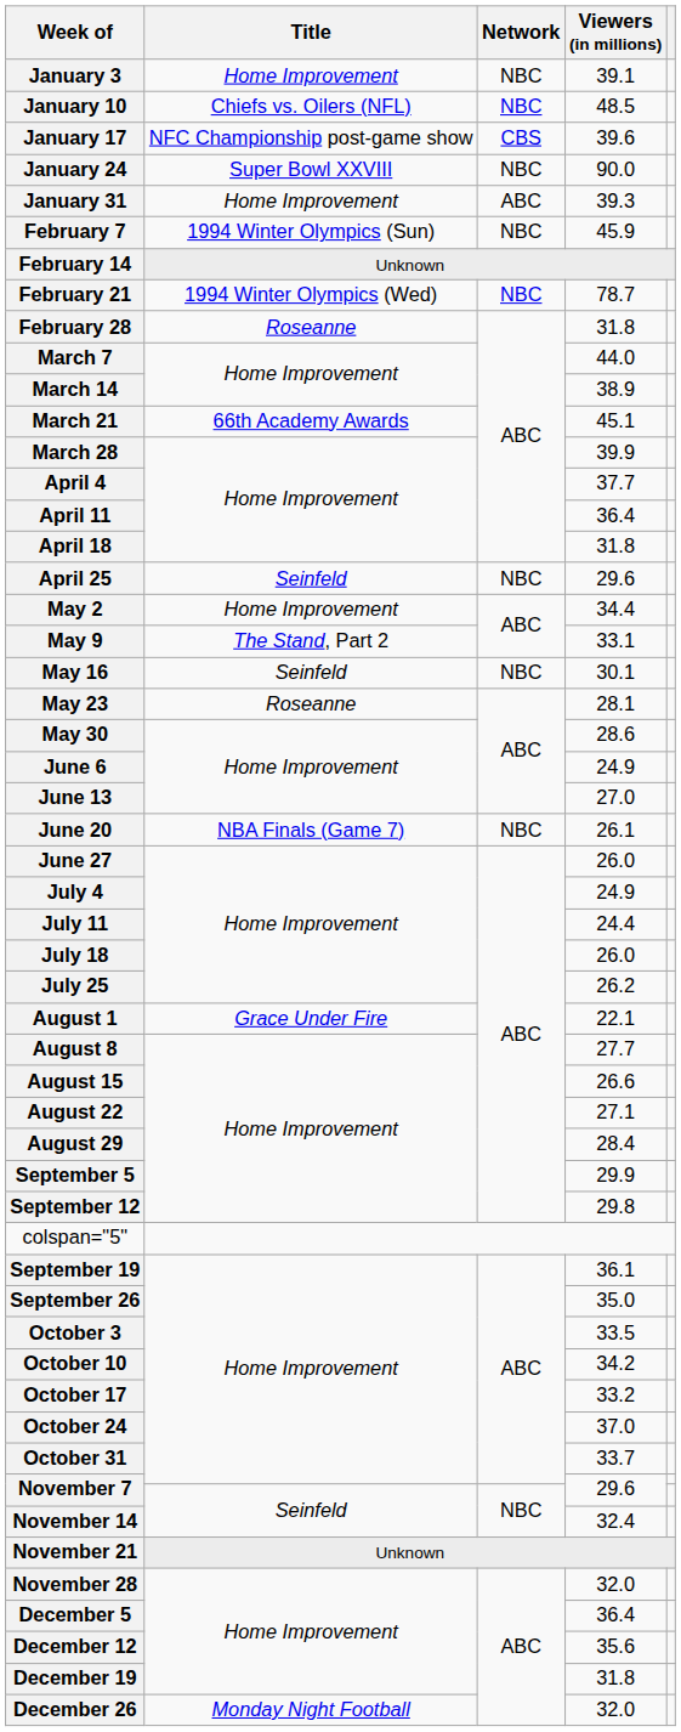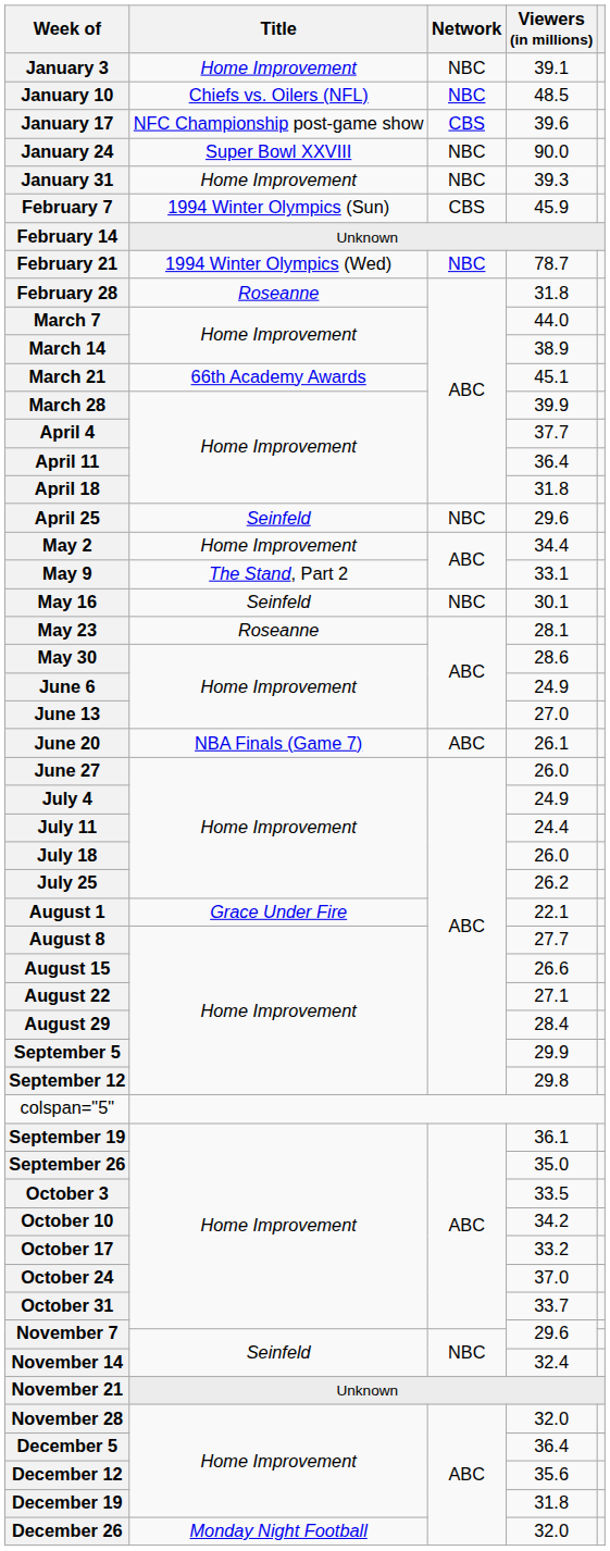 <table class="wikitable plainrowheaders" style="text-align: center; display: inline-table;">
 <tr>
 <th>Week of</th>
 <th>Title</th>
 <th>Network</th>
 <th>Viewers<br><small>(in millions)</small></th>
 <th></th>
 </tr>
 <tr>
 <th scope="row">January 3</th>
 <td><em><a href='#'>Home Improvement</a></em></td>
 <td>NBC</td>
 <td>39.1</td>
 <td></td>
 </tr>
 <tr>
 <th scope="row">January 10</th>
 <td><a href='#'>Chiefs vs. Oilers (NFL)</a></td>
 <td><a href='#'>NBC</a></td>
 <td>48.5</td>
 <td></td>
 </tr>
 <tr>
 <th scope="row">January 17</th>
 <td><a href='#'>NFC Championship</a> post-game show</td>
 <td><a href='#'>CBS</a></td>
 <td>39.6</td>
 <td></td>
 </tr>
 <tr>
 <th scope="row">January 24</th>
 <td><a href='#'>Super Bowl XXVIII</a></td>
 <td>NBC</td>
 <td>90.0</td>
 <td></td>
 </tr>
 <tr>
 <th scope="row">January 31</th>
 <td><em>Home Improvement</em></td>
-<td>ABC</td>
+<td>NBC</td>
 <td>39.3</td>
 <td></td>
 </tr>
 <tr>
 <th scope="row">February 7</th>
 <td><a href='#'>1994 Winter Olympics</a> (Sun)</td>
-<td>NBC</td>
+<td>CBS</td>
 <td>45.9</td>
 <td></td>
 </tr>
 <tr>
 <th scope="row">February 14</th>
 <td colspan="4" style="background:#ECECEC;"><small>Unknown</small></td>
 </tr>
 <tr>
 <th scope="row">February 21</th>
 <td><a href='#'>1994 Winter Olympics</a> (Wed)</td>
 <td><a href='#'>NBC</a></td>
 <td>78.7</td>
 <td></td>
 </tr>
 <tr>
 <th scope="row">February 28</th>
 <td><em><a href='#'>Roseanne</a></em></td>
 <td rowspan="8">ABC</td>
 <td>31.8</td>
 <td></td>
 </tr>
 <tr>
 <th scope="row">March 7</th>
 <td rowspan="2"><em>Home Improvement</em></td>
 <td>44.0</td>
 <td></td>
 </tr>
 <tr>
 <th scope="row">March 14</th>
 <td>38.9</td>
 <td></td>
 </tr>
 <tr>
 <th scope="row">March 21</th>
 <td><a href='#'>66th Academy Awards</a></td>
 <td>45.1</td>
 <td></td>
 </tr>
 <tr>
 <th scope="row">March 28</th>
 <td rowspan="4"><em>Home Improvement</em></td>
 <td>39.9</td>
 <td></td>
 </tr>
 <tr>
 <th scope="row">April 4</th>
 <td>37.7</td>
 <td></td>
 </tr>
 <tr>
 <th scope="row">April 11</th>
 <td>36.4</td>
 <td></td>
 </tr>
 <tr>
 <th scope="row">April 18</th>
 <td>31.8</td>
 <td></td>
 </tr>
 <tr>
 <th scope="row">April 25</th>
 <td><em><a href='#'>Seinfeld</a></em></td>
 <td>NBC</td>
 <td>29.6</td>
 <td></td>
 </tr>
 <tr>
 <th scope="row">May 2</th>
 <td><em>Home Improvement</em></td>
 <td rowspan="2">ABC</td>
 <td>34.4</td>
 <td></td>
 </tr>
 <tr>
 <th scope="row">May 9</th>
 <td><em><a href='#'>The Stand</a></em>, Part 2</td>
 <td>33.1</td>
 <td></td>
 </tr>
 <tr>
 <th scope="row">May 16</th>
 <td><em>Seinfeld</em></td>
 <td>NBC</td>
 <td>30.1</td>
 <td></td>
 </tr>
 <tr>
 <th scope="row">May 23</th>
 <td><em>Roseanne</em></td>
 <td rowspan="4">ABC</td>
 <td>28.1</td>
 <td></td>
 </tr>
 <tr>
 <th scope="row">May 30</th>
 <td rowspan="3"><em>Home Improvement</em></td>
 <td>28.6</td>
 <td></td>
 </tr>
 <tr>
 <th scope="row">June 6</th>
 <td>24.9</td>
 <td></td>
 </tr>
 <tr>
 <th scope="row">June 13</th>
 <td>27.0</td>
 <td></td>
 </tr>
 <tr>
 <th scope="row">June 20</th>
 <td><a href='#'>NBA Finals (Game 7)</a></td>
-<td>NBC</td>
+<td>ABC</td>
 <td>26.1</td>
 <td></td>
 </tr>
 <tr>
 <th scope="row">June 27</th>
 <td rowspan="5"><em>Home Improvement</em></td>
 <td rowspan="12">ABC</td>
 <td>26.0</td>
 <td></td>
 </tr>
 <tr>
 <th scope="row">July 4</th>
 <td>24.9</td>
 <td></td>
 </tr>
 <tr>
 <th scope="row">July 11</th>
 <td>24.4</td>
 <td></td>
 </tr>
 <tr>
 <th scope="row">July 18</th>
 <td>26.0</td>
 <td></td>
 </tr>
 <tr>
 <th scope="row">July 25</th>
 <td>26.2</td>
 <td></td>
 </tr>
 <tr>
 <th scope="row">August 1</th>
 <td><em><a href='#'>Grace Under Fire</a></em></td>
 <td>22.1</td>
 <td></td>
 </tr>
 <tr>
 <th scope="row">August 8</th>
 <td rowspan="6"><em>Home Improvement</em></td>
 <td>27.7</td>
 <td></td>
 </tr>
 <tr>
 <th scope="row">August 15</th>
 <td>26.6</td>
 <td></td>
 </tr>
 <tr>
 <th scope="row">August 22</th>
 <td>27.1</td>
 <td></td>
 </tr>
 <tr>
 <th scope="row">August 29</th>
 <td>28.4</td>
 <td></td>
 </tr>
 <tr>
 <th scope="row">September 5</th>
 <td>29.9</td>
 <td></td>
 </tr>
 <tr>
 <th scope="row">September 12</th>
 <td>29.8</td>
 <td></td>
 </tr>
 <tr>
 <td>colspan="5" </td>
 </tr>
 <tr>
 <th scope="row">September 19</th>
 <td rowspan="8"><em>Home Improvement</em></td>
 <td rowspan="8">ABC</td>
 <td>36.1</td>
 <td></td>
 </tr>
 <tr>
 <th scope="row">September 26</th>
 <td>35.0</td>
 <td></td>
 </tr>
 <tr>
 <th scope="row">October 3</th>
 <td>33.5</td>
 <td></td>
 </tr>
 <tr>
 <th scope="row">October 10</th>
 <td>34.2</td>
 <td></td>
 </tr>
 <tr>
 <th scope="row">October 17</th>
 <td>33.2</td>
 <td></td>
 </tr>
 <tr>
 <th scope="row">October 24</th>
 <td>37.0</td>
 <td></td>
 </tr>
 <tr>
 <th scope="row">October 31</th>
 <td>33.7</td>
 <td></td>
 </tr>
 <tr>
 <th scope="row" rowspan="2">November 7</th>
 <td rowspan="2">29.6</td>
 <td></td>
 </tr>
 <tr>
 <td rowspan="2"><em>Seinfeld</em></td>
 <td rowspan="2">NBC</td>
 <td></td>
 </tr>
 <tr>
 <th scope="row">November 14</th>
 <td>32.4</td>
 <td></td>
 </tr>
 <tr>
 <th scope="row">November 21</th>
 <td colspan="4" style="background:#ECECEC;"><small>Unknown</small></td>
 </tr>
 <tr>
 <th scope="row">November 28</th>
 <td rowspan="4"><em>Home Improvement</em></td>
 <td rowspan="5">ABC</td>
 <td>32.0</td>
 <td></td>
 </tr>
 <tr>
 <th scope="row">December 5</th>
 <td>36.4</td>
 <td></td>
 </tr>
 <tr>
 <th scope="row">December 12</th>
 <td>35.6</td>
 <td></td>
 </tr>
 <tr>
 <th scope="row">December 19</th>
 <td>31.8</td>
 <td></td>
 </tr>
 <tr>
 <th scope="row">December 26</th>
 <td><em><a href='#'>Monday Night Football</a></em></td>
 <td>32.0</td>
 <td></td>
 </tr>
 </table>
